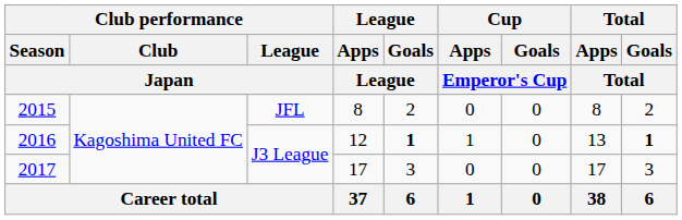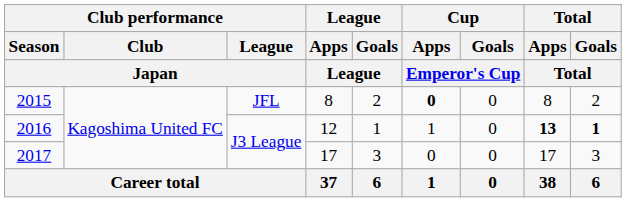 <table class="wikitable" style="text-align:center">
 <tr>
 <th colspan=3>Club performance</th>
 <th colspan=2>League</th>
 <th colspan=2>Cup</th>
 <th colspan=2>Total</th>
 </tr>
 <tr>
 <th>Season</th>
 <th>Club</th>
 <th>League</th>
 <th>Apps</th>
 <th>Goals</th>
 <th>Apps</th>
 <th>Goals</th>
 <th>Apps</th>
 <th>Goals</th>
 </tr>
 <tr>
 <th colspan=3>Japan</th>
 <th colspan=2>League</th>
 <th colspan=2><a href='#'>Emperor's Cup</a></th>
 <th colspan=2>Total</th>
 </tr>
 <tr>
 <td><a href='#'>2015</a></td>
 <td rowspan="3"><a href='#'>Kagoshima United FC</a></td>
 <td><a href='#'>JFL</a></td>
 <td>8</td>
 <td>2</td>
-<td>0</td>
+<td><strong>0</strong></td>
 <td>0</td>
 <td>8</td>
 <td>2</td>
 </tr>
 <tr>
 <td><a href='#'>2016</a></td>
 <td rowspan="2"><a href='#'>J3 League</a></td>
 <td>12</td>
-<td><strong>1</strong></td>
+<td>1</td>
 <td>1</td>
 <td>0</td>
-<td>13</td>
+<td><strong>13</strong></td>
 <td><strong>1</strong></td>
 </tr>
 <tr>
 <td><a href='#'>2017</a></td>
 <td>17</td>
 <td>3</td>
 <td>0</td>
 <td>0</td>
 <td>17</td>
 <td>3</td>
 </tr>
 <tr>
 <th colspan=3>Career total</th>
 <th>37</th>
 <th>6</th>
 <th>1</th>
 <th>0</th>
 <th>38</th>
 <th>6</th>
 </tr>
 </table>
